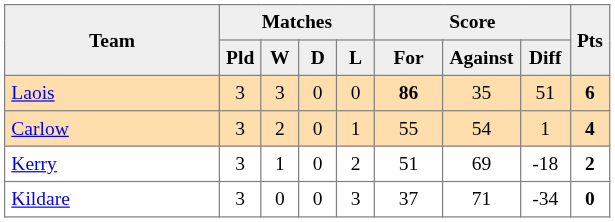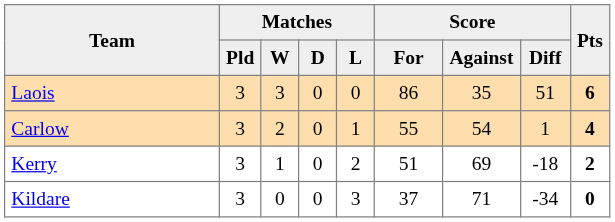 <table style=border-collapse:collapse border=1 cellspacing=0 cellpadding=5>
 <tr align=center bgcolor=#efefef>
 <th rowspan=2 width=165>Team</th>
 <th colspan=4>Matches</th>
 <th colspan=3>Score</th>
 <th rowspan=2width=20>Pts</th>
 </tr>
 <tr align=center bgcolor=#efefef>
 <th width=20>Pld</th>
 <th width=20>W</th>
 <th width=20>D</th>
 <th width=20>L</th>
 <th width=45>For</th>
 <th width=45>Against</th>
 <th width=30>Diff</th>
 </tr>
 <tr align=center style="background:#FFDEAD;">
 <td style="text-align:left;"> <a href='#'>Laois</a></td>
 <td>3</td>
 <td>3</td>
 <td>0</td>
 <td>0</td>
-<td><strong>86</strong></td>
+<td>86</td>
 <td>35</td>
 <td>51</td>
 <td><strong>6</strong></td>
 </tr>
 <tr align=center style="background:#FFDEAD;">
 <td style="text-align:left;"> <a href='#'>Carlow</a></td>
 <td>3</td>
 <td>2</td>
 <td>0</td>
 <td>1</td>
 <td>55</td>
 <td>54</td>
 <td>1</td>
 <td><strong>4</strong></td>
 </tr>
 <tr align=center>
 <td style="text-align:left;"> <a href='#'>Kerry</a></td>
 <td>3</td>
 <td>1</td>
 <td>0</td>
 <td>2</td>
 <td>51</td>
 <td>69</td>
 <td>-18</td>
 <td><strong>2</strong></td>
 </tr>
 <tr align=center>
 <td style="text-align:left;"> <a href='#'>Kildare</a></td>
 <td>3</td>
 <td>0</td>
 <td>0</td>
 <td>3</td>
 <td>37</td>
 <td>71</td>
 <td>-34</td>
 <td><strong>0</strong></td>
 </tr>
 </table>
